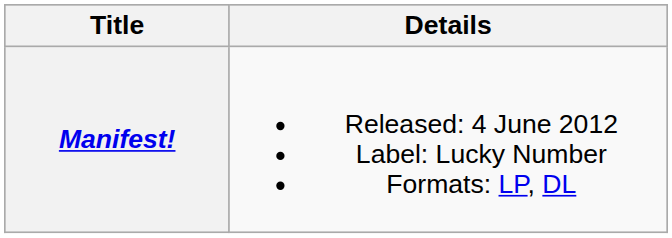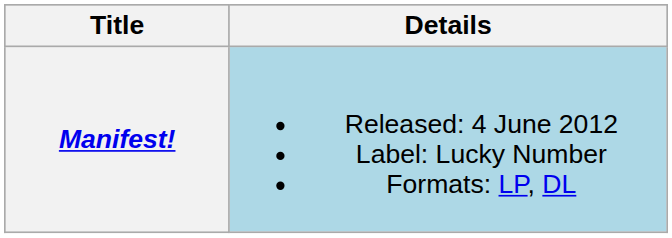 <table class="wikitable plainrowheaders" style="text-align:center;" border="1">
 <tr>
 <th scope="col" style="width:8em;">Title</th>
 <th scope="col" style="width:16em;">Details</th>
 </tr>
 <tr>
 <th scope="row"><em><a href='#'>Manifest!</a></em></th>
-<td><br><ul><li>Released: 4 June 2012</li><li>Label: Lucky Number</li><li>Formats: <a href='#'>LP</a>, <a href='#'>DL</a></li></ul></td>
+<td style="background: lightblue;"><br><ul><li>Released: 4 June 2012</li><li>Label: Lucky Number</li><li>Formats: <a href='#'>LP</a>, <a href='#'>DL</a></li></ul></td>
 </tr>
 </table>
